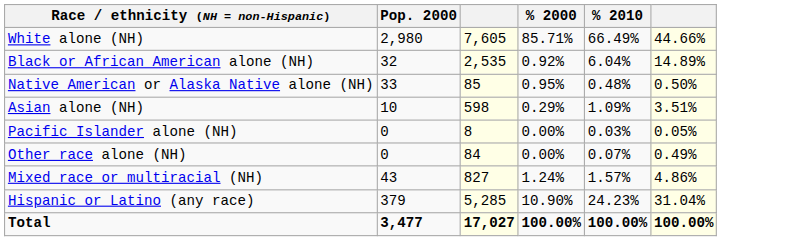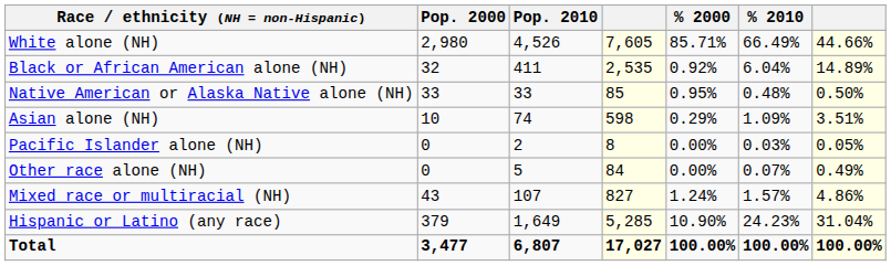 <table class="wikitable">
 <tr>
 <th>Race / ethnicity <small>(<em>NH = non-Hispanic</em>)</small></th>
 <th>Pop. 2000</th>
+<th>Pop. 2010</th>
 <th></th>
 <th>% 2000</th>
 <th>% 2010</th>
 <th></th>
 </tr>
 <tr>
 <td><a href='#'>White</a> alone (NH)</td>
 <td>2,980</td>
+<td>4,526</td>
 <td style='background: #ffffe6;'>7,605</td>
 <td>85.71%</td>
 <td>66.49%</td>
 <td style='background: #ffffe6;'>44.66%</td>
 </tr>
 <tr>
 <td><a href='#'>Black or African American</a> alone (NH)</td>
 <td>32</td>
+<td>411</td>
 <td style='background: #ffffe6;'>2,535</td>
 <td>0.92%</td>
 <td>6.04%</td>
 <td style='background: #ffffe6;'>14.89%</td>
 </tr>
 <tr>
 <td><a href='#'>Native American</a> or <a href='#'>Alaska Native</a> alone (NH)</td>
+<td>33</td>
 <td>33</td>
 <td style='background: #ffffe6;'>85</td>
 <td>0.95%</td>
 <td>0.48%</td>
 <td style='background: #ffffe6;'>0.50%</td>
 </tr>
 <tr>
 <td><a href='#'>Asian</a> alone (NH)</td>
 <td>10</td>
+<td>74</td>
 <td style='background: #ffffe6;'>598</td>
 <td>0.29%</td>
 <td>1.09%</td>
 <td style='background: #ffffe6;'>3.51%</td>
 </tr>
 <tr>
 <td><a href='#'>Pacific Islander</a> alone (NH)</td>
 <td>0</td>
+<td>2</td>
 <td style='background: #ffffe6;'>8</td>
 <td>0.00%</td>
 <td>0.03%</td>
 <td style='background: #ffffe6;'>0.05%</td>
 </tr>
 <tr>
 <td><a href='#'>Other race</a> alone (NH)</td>
 <td>0</td>
+<td>5</td>
 <td style='background: #ffffe6;'>84</td>
 <td>0.00%</td>
 <td>0.07%</td>
 <td style='background: #ffffe6;'>0.49%</td>
 </tr>
 <tr>
 <td><a href='#'>Mixed race or multiracial</a> (NH)</td>
 <td>43</td>
+<td>107</td>
 <td style='background: #ffffe6;'>827</td>
 <td>1.24%</td>
 <td>1.57%</td>
 <td style='background: #ffffe6;'>4.86%</td>
 </tr>
 <tr>
 <td><a href='#'>Hispanic or Latino</a> (any race)</td>
 <td>379</td>
+<td>1,649</td>
 <td style='background: #ffffe6;'>5,285</td>
 <td>10.90%</td>
 <td>24.23%</td>
 <td style='background: #ffffe6;'>31.04%</td>
 </tr>
 <tr>
 <td><strong>Total</strong></td>
 <td><strong>3,477</strong></td>
+<td><strong>6,807</strong></td>
 <td style='background: #ffffe6;'><strong>17,027</strong></td>
 <td><strong>100.00%</strong></td>
 <td><strong>100.00%</strong></td>
 <td style='background: #ffffe6;'><strong>100.00%</strong></td>
 </tr>
 </table>
